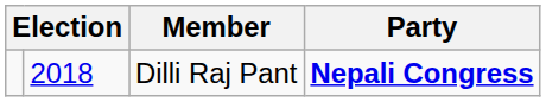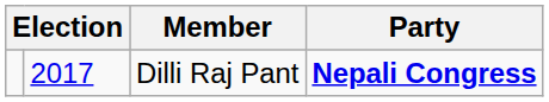 <table class="wikitable">
 <tr>
 <th colspan="2">Election</th>
 <th>Member</th>
 <th>Party</th>
 </tr>
 <tr>
 <td style="background-color:"></td>
-<td><a href='#'>2018</a></td>
+<td><a href='#'>2017</a></td>
 <td>Dilli Raj Pant</td>
 <td><strong><a href='#'>Nepali Congress</a></strong></td>
 </tr>
 </table>
